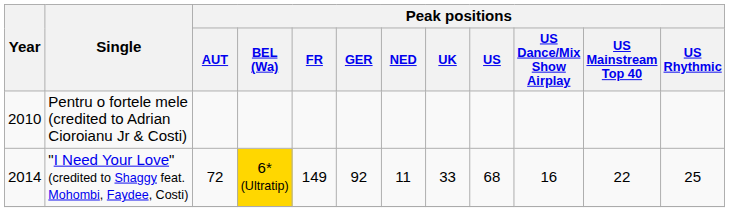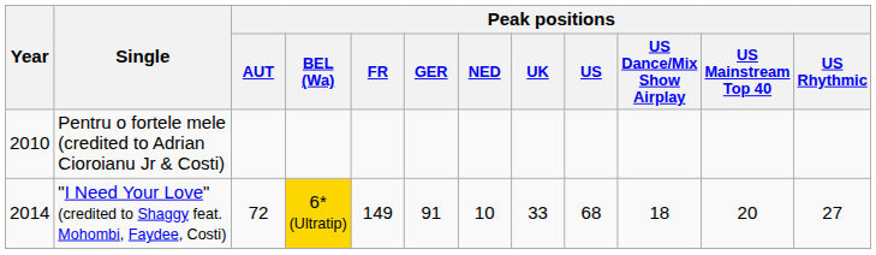 <table class="wikitable">
 <tr>
 <th align="center" rowspan="2" width="10">Year</th>
 <th align="center" rowspan="2" width="150">Single</th>
 <th align="center" colspan="10" width="20">Peak positions</th>
 </tr>
 <tr>
 <th scope="col" style="width:3em;font-size:85%;"><a href='#'>AUT</a><br></th>
 <th scope="col" style="width:3em;font-size:85%;"><a href='#'>BEL <br>(Wa)</a><br></th>
 <th scope="col" style="width:3em;font-size:85%;"><a href='#'>FR</a><br></th>
 <th scope="col" style="width:3em;font-size:85%;"><a href='#'>GER</a><br></th>
 <th scope="col" style="width:3em;font-size:85%;"><a href='#'>NED</a><br></th>
 <th scope="col" style="width:3em;font-size:85%;"><a href='#'>UK</a><br></th>
 <th scope="col" style="width:3em;font-size:85%;"><a href='#'>US</a><br></th>
 <th scope="col" style="width:3em;font-size:85%;"><a href='#'>US <br>Dance/Mix <br>Show Airplay</a></th>
 <th scope="col" style="width:3em;font-size:85%;"><a href='#'>US <br>Mainstream<br>Top 40</a></th>
 <th scope="col" style="width:3em;font-size:85%;"><a href='#'>US<br>Rhythmic</a></th>
 </tr>
 <tr>
 <td>2010</td>
 <td>Pentru o fortele mele<br>(credited to Adrian Cioroianu Jr & Costi)</td>
 <td></td>
 <td></td>
 <td></td>
 <td></td>
 <td></td>
 <td></td>
 <td></td>
 <td></td>
 <td></td>
 <td></td>
 </tr>
 <tr>
 <td style="text-align:center;" rowspan=1>2014</td>
 <td>"<a href='#'>I Need Your Love</a>" <br><small>(credited to <a href='#'>Shaggy</a> feat. <br><a href='#'>Mohombi</a>, <a href='#'>Faydee</a>, Costi)</small></td>
 <td style="text-align:center;">72</td>
 <td style="background: gold; text-align:center;">6*<br><small>(Ultratip)</small></td>
 <td style="text-align:center;">149</td>
-<td style="text-align:center;">92</td>
-<td style="text-align:center;">11</td>
+<td style="text-align:center;">91</td>
+<td style="text-align:center;">10</td>
 <td style="text-align:center;">33</td>
 <td style="text-align:center;">68</td>
-<td style="text-align:center;">16</td>
-<td style="text-align:center;">22</td>
-<td style="text-align:center;">25</td>
+<td style="text-align:center;">18</td>
+<td style="text-align:center;">20</td>
+<td style="text-align:center;">27</td>
 </tr>
 <tr>
 </tr>
 </table>
